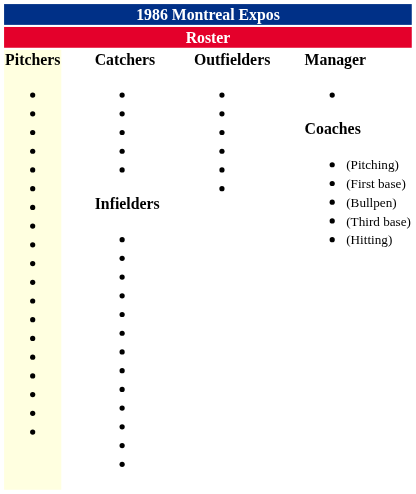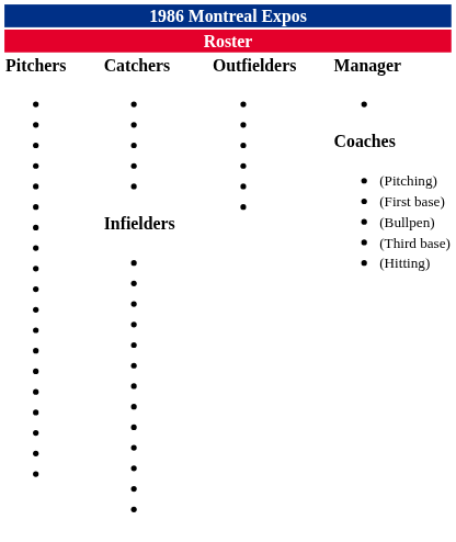 <table class="toccolours" style="font-size: 95%;">
 <tr>
 <th colspan="10" style="background-color: #003087; color: #FFFFFF; text-align: center;">1986 Montreal Expos</th>
 </tr>
 <tr>
 <td colspan="10" style="background-color: #E4002B; color: #FFFFFF; text-align: center;"><strong>Roster</strong></td>
 </tr>
 <tr>
-<td valign="top" style="background: lightyellow;"><strong>Pitchers</strong><br><ul><li></li><li></li><li></li><li></li><li></li><li></li><li></li><li></li><li></li><li></li><li></li><li></li><li></li><li></li><li></li><li></li><li></li><li></li><li></li></ul></td>
+<td valign="top"><strong>Pitchers</strong><br><ul><li></li><li></li><li></li><li></li><li></li><li></li><li></li><li></li><li></li><li></li><li></li><li></li><li></li><li></li><li></li><li></li><li></li><li></li><li></li></ul></td>
 <td width="25px"></td>
 <td valign="top"><strong>Catchers</strong><br><ul><li></li><li></li><li></li><li></li><li></li></ul><strong>Infielders</strong><ul><li></li><li></li><li></li><li></li><li></li><li></li><li></li><li></li><li></li><li></li><li></li><li></li><li></li></ul></td>
 <td width="25px"></td>
 <td valign="top"><strong>Outfielders</strong><br><ul><li></li><li></li><li></li><li></li><li></li><li></li></ul></td>
 <td width="25px"></td>
 <td valign="top"><strong>Manager</strong><br><ul><li></li></ul><strong>Coaches</strong><ul><li> <small>(Pitching)</small></li><li> <small>(First base)</small></li><li> <small>(Bullpen)</small></li><li> <small>(Third base)</small></li><li> <small>(Hitting)</small></li></ul></td>
 </tr>
 <tr>
 </tr>
 </table>
